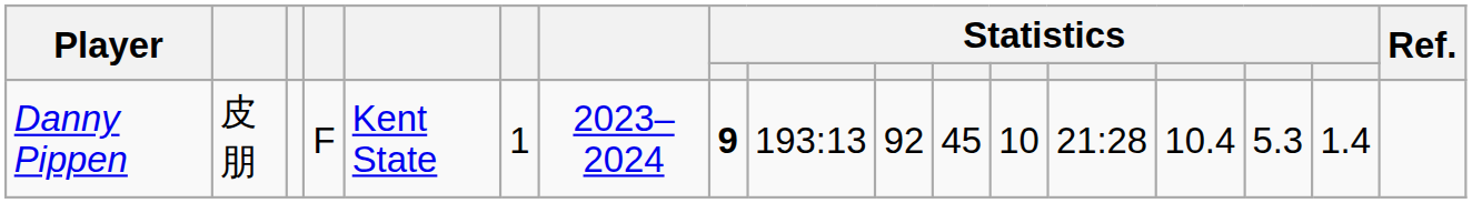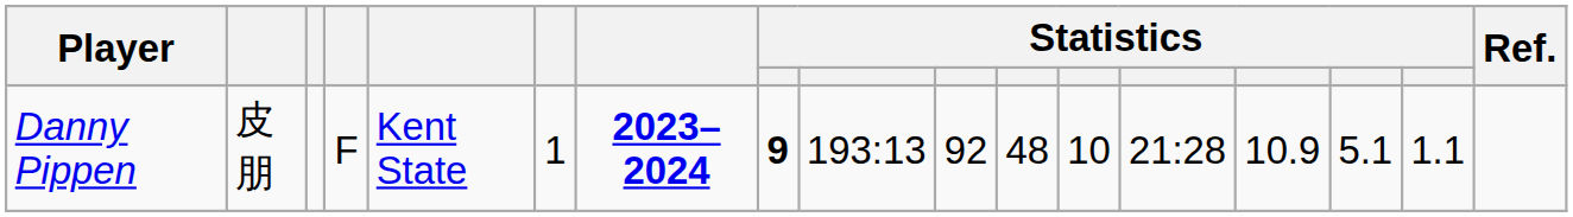 <table class="wikitable sortable" style="font-size:95%; text-align:right;">
 <tr>
 <th rowspan="2">Player</th>
 <th rowspan="2"></th>
 <th rowspan="2"></th>
 <th rowspan="2"></th>
 <th rowspan="2"></th>
 <th rowspan="2"></th>
 <th rowspan="2"></th>
 <th colspan="9">Statistics</th>
 <th rowspan="2">Ref.</th>
 </tr>
 <tr>
 <th></th>
 <th></th>
 <th></th>
 <th></th>
 <th></th>
 <th></th>
 <th></th>
 <th></th>
 <th></th>
 </tr>
 <tr>
 <td align="left"><em><a href='#'>Danny Pippen</a></em></td>
 <td align="left">皮朋</td>
 <td align="center"></td>
 <td align="center">F</td>
 <td align="left"><a href='#'>Kent State</a></td>
 <td align="center">1</td>
-<td align="center"><a href='#'>2023–2024</a></td>
+<td align="center"><strong><a href='#'>2023–2024</a></strong></td>
 <td><strong>9</strong></td>
 <td>193:13</td>
 <td>92</td>
-<td>45</td>
+<td>48</td>
 <td>10</td>
 <td>21:28</td>
-<td>10.4</td>
-<td>5.3</td>
-<td>1.4</td>
+<td>10.9</td>
+<td>5.1</td>
+<td>1.1</td>
 <td align="center"></td>
 </tr>
 </table>
